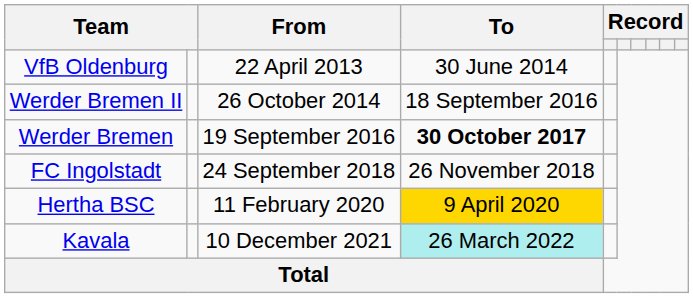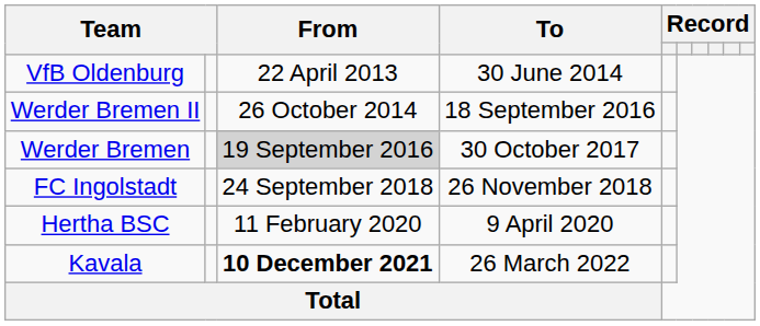 <table class="wikitable" style="text-align: center">
 <tr>
 <th colspan="2" rowspan="2">Team</th>
 <th rowspan="2">From</th>
 <th rowspan="2">To</th>
 <th colspan="6">Record</th>
 </tr>
 <tr>
 <th></th>
 <th></th>
 <th></th>
 <th></th>
 <th></th>
 <th></th>
 </tr>
 <tr>
 <td><a href='#'>VfB Oldenburg</a></td>
 <td></td>
 <td>22 April 2013</td>
 <td>30 June 2014<br></td>
 <td></td>
 </tr>
 <tr>
 <td><a href='#'>Werder Bremen II</a></td>
 <td></td>
 <td>26 October 2014</td>
 <td>18 September 2016<br></td>
 <td></td>
 </tr>
 <tr>
 <td><a href='#'>Werder Bremen</a></td>
 <td></td>
-<td>19 September 2016</td>
-<td><strong>30 October 2017<br></strong></td>
+<td style="background: lightgrey;">19 September 2016</td>
+<td>30 October 2017<br></td>
 <td></td>
 </tr>
 <tr>
 <td><a href='#'>FC Ingolstadt</a></td>
 <td></td>
 <td>24 September 2018</td>
 <td>26 November 2018<br></td>
 <td></td>
 </tr>
 <tr>
 <td><a href='#'>Hertha BSC</a></td>
 <td></td>
 <td>11 February 2020</td>
-<td style="background: gold;">9 April 2020<br></td>
+<td>9 April 2020<br></td>
 <td></td>
 </tr>
 <tr>
 <td><a href='#'>Kavala</a></td>
 <td></td>
-<td>10 December 2021</td>
-<td style="background: paleturquoise;">26 March 2022<br></td>
+<td><strong>10 December 2021</strong></td>
+<td>26 March 2022<br></td>
 <td></td>
 </tr>
 <tr>
 <th colspan="4">Total<br></th>
 </tr>
 </table>
